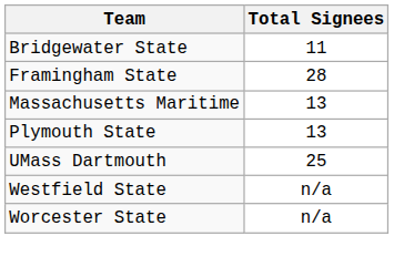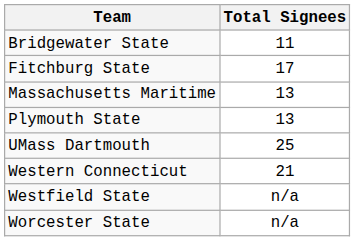 <table class="wikitable">
 <tr>
 <th>Team</th>
 <th>Total Signees</th>
 </tr>
 <tr>
 <td>Bridgewater State</td>
 <td style="text-align:center; background:white">11</td>
 </tr>
 <tr>
-<td>Framingham State</td>
-<td style="text-align:center; background:white">28</td>
+<td>Fitchburg State</td>
+<td style="text-align:center; background:white">17</td>
 </tr>
 <tr>
 <td>Massachusetts Maritime</td>
 <td style="text-align:center; background:white">13</td>
 </tr>
 <tr>
 <td>Plymouth State</td>
 <td style="text-align:center; background:white">13</td>
 </tr>
 <tr>
 <td>UMass Dartmouth</td>
 <td style="text-align:center; background:white">25</td>
 </tr>
 <tr>
+<td>Western Connecticut</td>
+<td style="text-align:center; background:white">21</td>
+</tr>
+<tr>
 <td>Westfield State</td>
 <td style="text-align:center; background:white">n/a</td>
 </tr>
 <tr>
 <td>Worcester State</td>
 <td style="text-align:center; background:white">n/a</td>
 </tr>
 </table>
